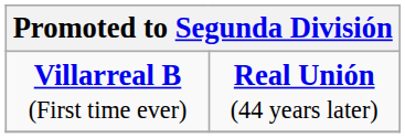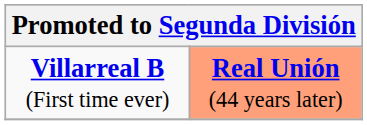 <table class="wikitable" style="text-align: center; margin: 0 auto;">
 <tr>
 <th colspan="2">Promoted to <a href='#'>Segunda División</a></th>
 </tr>
 <tr>
 <td><strong><a href='#'>Villarreal B</a></strong><br><small>(First time ever)</small></td>
-<td><strong><a href='#'>Real Unión</a></strong><br><small>(44 years later)</small></td>
+<td style="background: lightsalmon;"><strong><a href='#'>Real Unión</a></strong><br><small>(44 years later)</small></td>
 </tr>
 <tr>
 </tr>
 </table>
